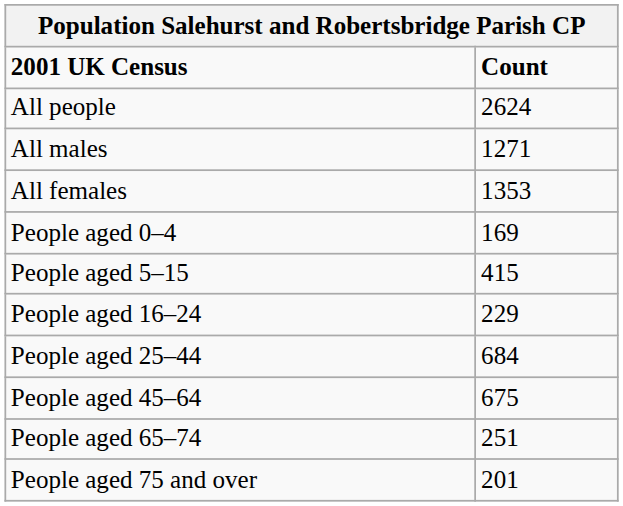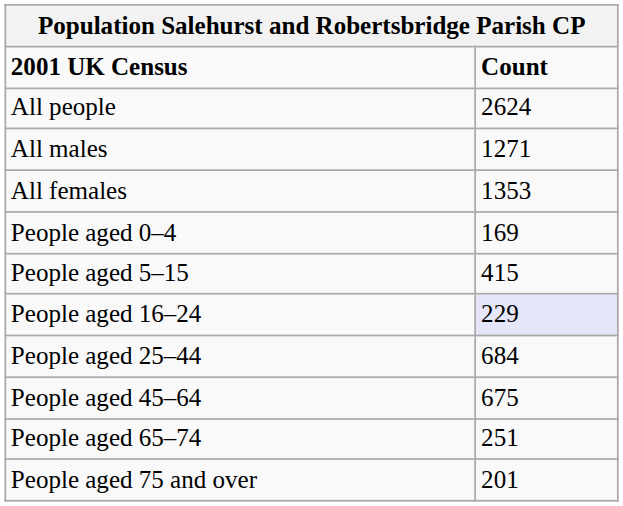 <table class="wikitable" id="toc" style="float: centre; margin-left: 2em; width: 40%; font-size: 90%;" cellspacing="3">
 <tr>
 <th colspan="4"><strong>Population Salehurst and Robertsbridge Parish CP</strong></th>
 </tr>
 <tr>
 <td><strong>2001 UK Census</strong></td>
 <td><strong>Count</strong></td>
 </tr>
 <tr>
 <td>All people</td>
 <td>2624</td>
 </tr>
 <tr>
 <td>All males</td>
 <td>1271</td>
 </tr>
 <tr>
 <td>All females</td>
 <td>1353</td>
 </tr>
 <tr>
 <td>People aged 0–4</td>
 <td>169</td>
 </tr>
 <tr>
 <td>People aged 5–15</td>
 <td>415</td>
 </tr>
 <tr>
 <td>People aged 16–24</td>
-<td>229</td>
+<td style="background: lavender;">229</td>
 </tr>
 <tr>
 <td>People aged 25–44</td>
 <td>684</td>
 </tr>
 <tr>
 <td>People aged 45–64</td>
 <td>675</td>
 </tr>
 <tr>
 <td>People aged 65–74</td>
 <td>251</td>
 </tr>
 <tr>
 <td>People aged 75 and over</td>
 <td>201</td>
 </tr>
 </table>
